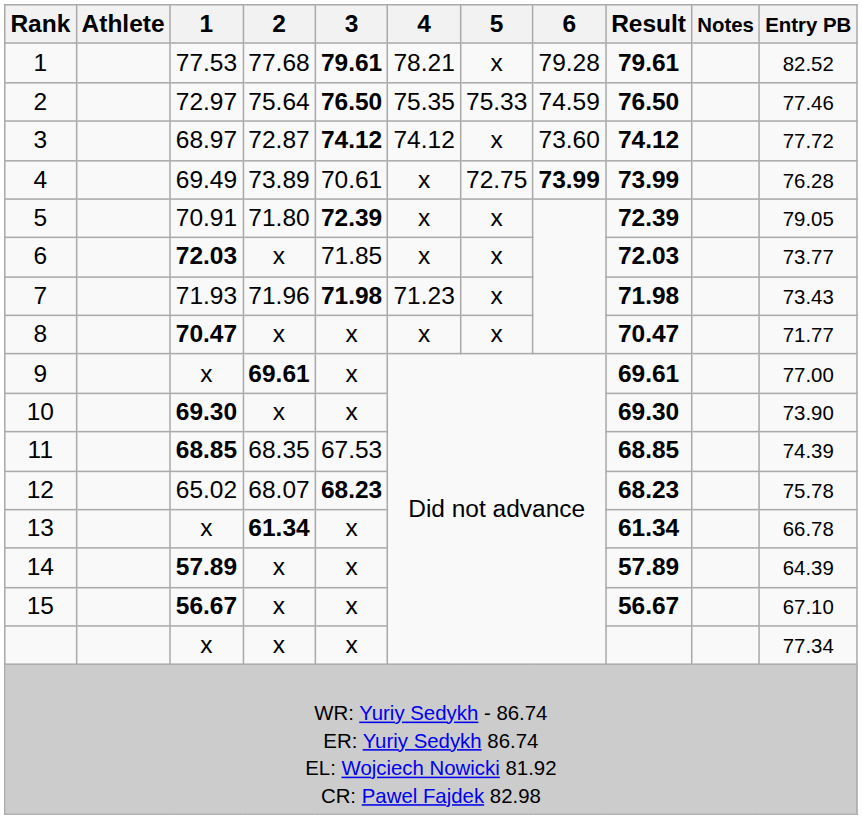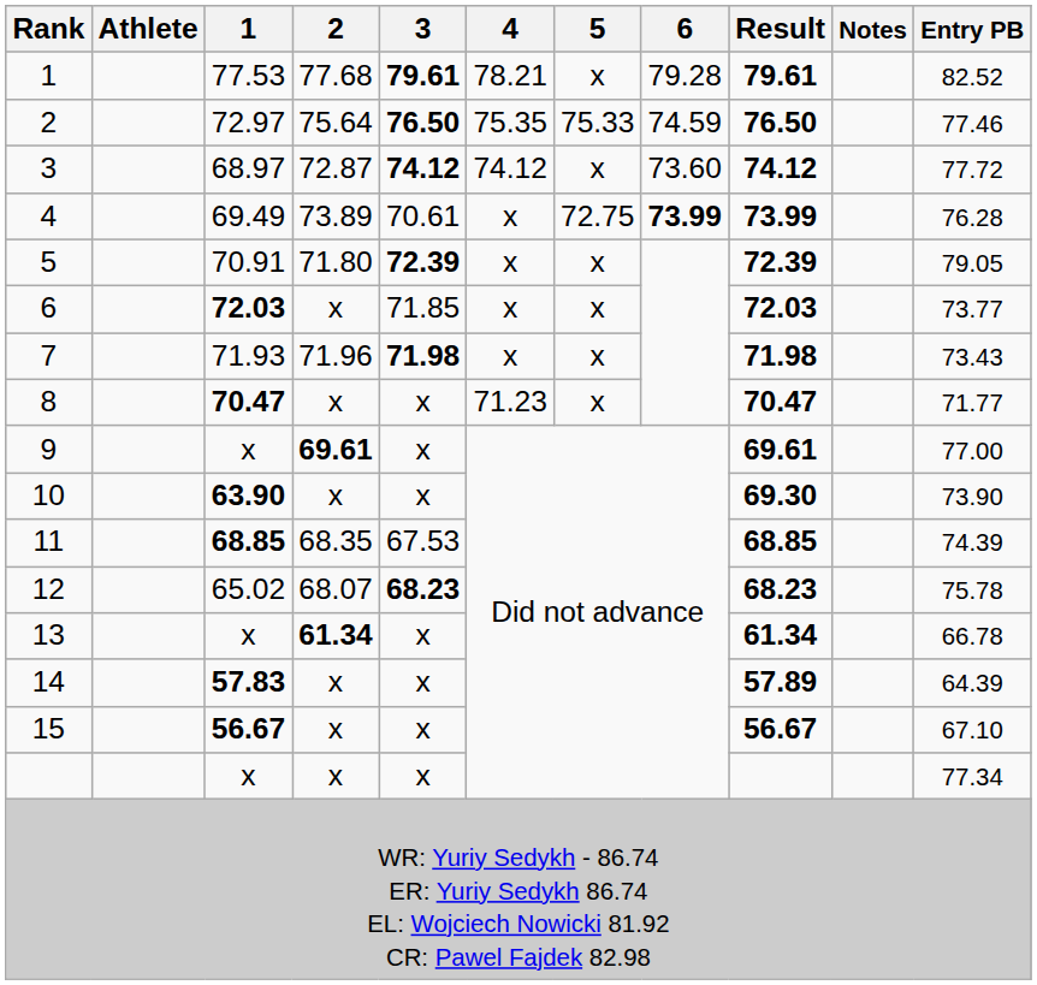 <table class="wikitable sortable" style="text-align:center;">
 <tr>
 <th>Rank</th>
 <th>Athlete</th>
 <th>1</th>
 <th>2</th>
 <th>3</th>
 <th>4</th>
 <th>5</th>
 <th>6</th>
 <th>Result</th>
 <th><small>Notes</small></th>
 <th><small>Entry PB</small></th>
 </tr>
 <tr>
 <td>1</td>
 <td align=left></td>
 <td>77.53</td>
 <td>77.68</td>
 <td><strong>79.61</strong></td>
 <td>78.21</td>
 <td>x</td>
 <td>79.28</td>
 <td><strong>79.61</strong></td>
 <td></td>
 <td><small>82.52</small></td>
 </tr>
 <tr>
 <td>2</td>
 <td align=left></td>
 <td>72.97</td>
 <td>75.64</td>
 <td><strong>76.50</strong></td>
 <td>75.35</td>
 <td>75.33</td>
 <td>74.59</td>
 <td><strong>76.50</strong></td>
 <td></td>
 <td><small>77.46</small></td>
 </tr>
 <tr>
 <td>3</td>
 <td align=left></td>
 <td>68.97</td>
 <td>72.87</td>
 <td><strong>74.12</strong></td>
 <td>74.12</td>
 <td>x</td>
 <td>73.60</td>
 <td><strong>74.12</strong></td>
 <td></td>
 <td><small>77.72</small></td>
 </tr>
 <tr>
 <td>4</td>
 <td align=left></td>
 <td>69.49</td>
 <td>73.89</td>
 <td>70.61</td>
 <td>x</td>
 <td>72.75</td>
 <td><strong>73.99</strong></td>
 <td><strong>73.99</strong></td>
 <td></td>
 <td><small>76.28</small></td>
 </tr>
 <tr>
 <td>5</td>
 <td align=left></td>
 <td>70.91</td>
 <td>71.80</td>
 <td><strong>72.39</strong></td>
 <td>x</td>
 <td>x</td>
 <td rowspan=4></td>
 <td><strong>72.39</strong></td>
 <td></td>
 <td><small>79.05</small></td>
 </tr>
 <tr>
 <td>6</td>
 <td align=left></td>
 <td><strong>72.03</strong></td>
 <td>x</td>
 <td>71.85</td>
 <td>x</td>
 <td>x</td>
 <td><strong>72.03</strong></td>
 <td></td>
 <td><small>73.77</small></td>
 </tr>
 <tr>
 <td>7</td>
 <td align=left></td>
 <td>71.93</td>
 <td>71.96</td>
 <td><strong>71.98</strong></td>
-<td>71.23</td>
+<td>x</td>
 <td>x</td>
 <td><strong>71.98</strong></td>
 <td></td>
 <td><small>73.43</small></td>
 </tr>
 <tr>
 <td>8</td>
 <td align=left></td>
 <td><strong>70.47</strong></td>
 <td>x</td>
 <td>x</td>
-<td>x</td>
+<td>71.23</td>
 <td>x</td>
 <td><strong>70.47</strong></td>
 <td></td>
 <td><small>71.77</small></td>
 </tr>
 <tr>
 <td>9</td>
 <td align=left></td>
 <td>x</td>
 <td><strong>69.61</strong></td>
 <td>x</td>
 <td rowspan=8 colspan=3>Did not advance</td>
 <td><strong>69.61</strong></td>
 <td></td>
 <td><small>77.00</small></td>
 </tr>
 <tr>
 <td>10</td>
 <td align=left></td>
-<td><strong>69.30</strong></td>
+<td><strong>63.90</strong></td>
 <td>x</td>
 <td>x</td>
 <td><strong>69.30</strong></td>
 <td></td>
 <td><small>73.90</small></td>
 </tr>
 <tr>
 <td>11</td>
 <td align=left></td>
 <td><strong>68.85</strong></td>
 <td>68.35</td>
 <td>67.53</td>
 <td><strong>68.85</strong></td>
 <td></td>
 <td><small>74.39</small></td>
 </tr>
 <tr>
 <td>12</td>
 <td align=left></td>
 <td>65.02</td>
 <td>68.07</td>
 <td><strong>68.23</strong></td>
 <td><strong>68.23</strong></td>
 <td></td>
 <td><small>75.78</small></td>
 </tr>
 <tr>
 <td>13</td>
 <td align=left></td>
 <td>x</td>
 <td><strong>61.34</strong></td>
 <td>x</td>
 <td><strong>61.34</strong></td>
 <td></td>
 <td><small>66.78</small></td>
 </tr>
 <tr>
 <td>14</td>
 <td align=left></td>
-<td><strong>57.89</strong></td>
+<td><strong>57.83</strong></td>
 <td>x</td>
 <td>x</td>
 <td><strong>57.89</strong></td>
 <td></td>
 <td><small>64.39</small></td>
 </tr>
 <tr>
 <td>15</td>
 <td align=left></td>
 <td><strong>56.67</strong></td>
 <td>x</td>
 <td>x</td>
 <td><strong>56.67</strong></td>
 <td></td>
 <td><small>67.10</small></td>
 </tr>
 <tr>
 <td></td>
 <td align=left></td>
 <td>x</td>
 <td>x</td>
 <td>x</td>
 <td></td>
 <td></td>
 <td><small>77.34</small></td>
 </tr>
 <tr class="sortbottom">
 <td colspan="11" bgcolor="#cccccc"><br> <small>WR:   <a href='#'>Yuriy Sedykh</a> - 86.74<br>ER:  <a href='#'>Yuriy Sedykh</a> 86.74<br></small> <small>EL:   <a href='#'>Wojciech Nowicki</a> 81.92<br>CR:  <a href='#'>Pawel Fajdek</a> 82.98</small></td>
 </tr>
 </table>
